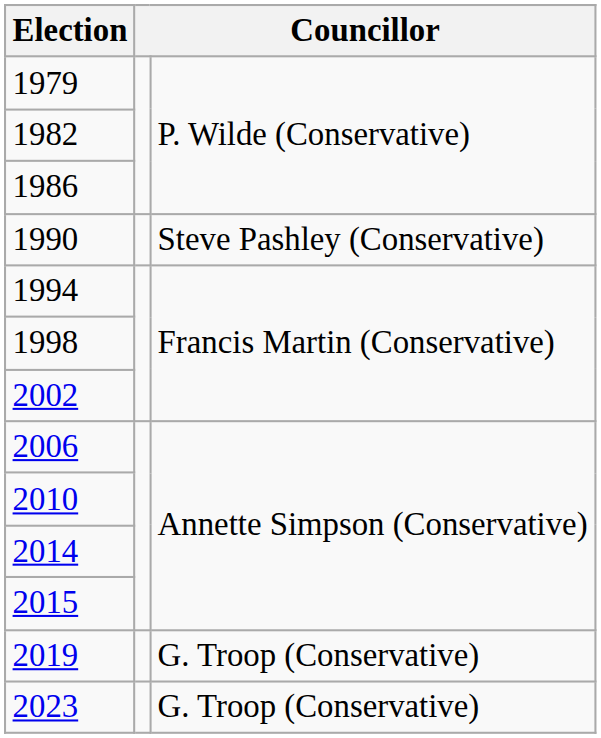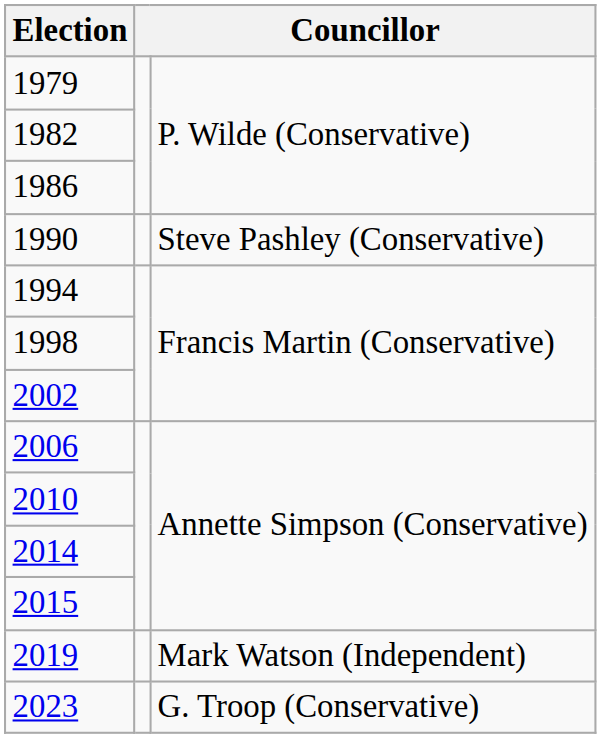 <table class="wikitable">
 <tr>
 <th>Election</th>
 <th colspan="2">Councillor</th>
 </tr>
 <tr>
 <td>1979</td>
 <td rowspan="3" style="background-color: "></td>
 <td rowspan="3">P. Wilde (Conservative)</td>
 </tr>
 <tr>
 <td>1982</td>
 </tr>
 <tr>
 <td>1986</td>
 </tr>
 <tr>
 <td>1990</td>
 <td style="background-color: "></td>
 <td>Steve Pashley (Conservative)</td>
 </tr>
 <tr>
 <td>1994</td>
 <td rowspan="3" style="background-color: "></td>
 <td rowspan="3">Francis Martin (Conservative)</td>
 </tr>
 <tr>
 <td>1998</td>
 </tr>
 <tr>
 <td><a href='#'>2002</a></td>
 </tr>
 <tr>
 <td><a href='#'>2006</a></td>
 <td rowspan="4" style="background-color: "></td>
 <td rowspan="4">Annette Simpson (Conservative)</td>
 </tr>
 <tr>
 <td><a href='#'>2010</a></td>
 </tr>
 <tr>
 <td><a href='#'>2014</a></td>
 </tr>
 <tr>
 <td><a href='#'>2015</a></td>
 </tr>
 <tr>
 <td><a href='#'>2019</a></td>
 <td style="background-color: "></td>
-<td>G. Troop (Conservative)</td>
+<td>Mark Watson (Independent)</td>
 </tr>
 <tr>
 <td><a href='#'>2023</a></td>
 <td style="background-color: "></td>
 <td>G. Troop (Conservative)</td>
 </tr>
 </table>
